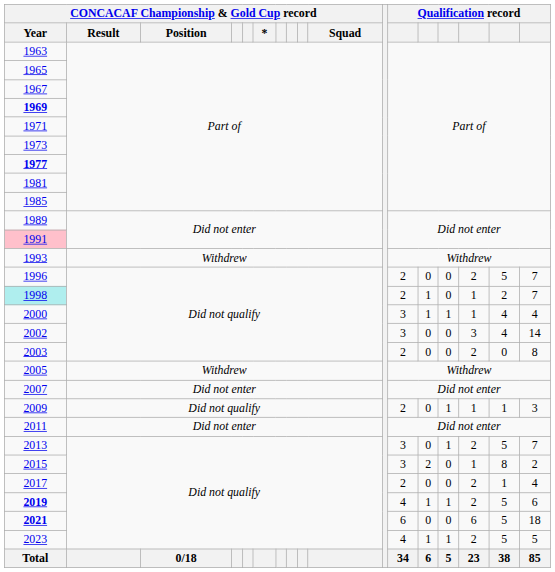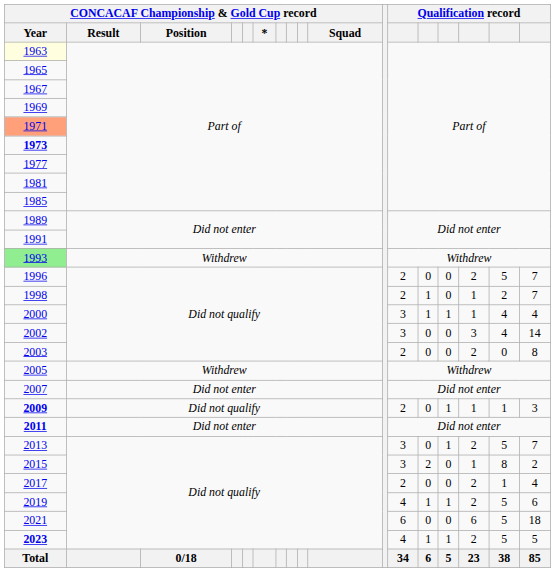 <table class="wikitable" style="text-align: center;">
 <tr>
 <th colspan=10><a href='#'>CONCACAF Championship</a> & <a href='#'>Gold Cup</a> record</th>
 <th width=1% rowspan=30></th>
 <th colspan=6><a href='#'>Qualification</a> record</th>
 </tr>
 <tr>
 <th>Year</th>
 <th>Result</th>
 <th>Position</th>
 <th></th>
 <th></th>
 <th>*</th>
 <th></th>
 <th></th>
 <th></th>
 <th>Squad</th>
 <th></th>
 <th></th>
 <th></th>
 <th></th>
 <th></th>
 <th></th>
 </tr>
 <tr>
-<td> <a href='#'>1963</a></td>
+<td style="background: lightyellow;"> <a href='#'>1963</a></td>
 <td colspan=9 rowspan=9><em>Part of </em></td>
 <td colspan=6 rowspan=9><em>Part of </em></td>
 </tr>
 <tr>
 <td> <a href='#'>1965</a></td>
 </tr>
 <tr>
 <td> <a href='#'>1967</a></td>
 </tr>
 <tr>
-<td><strong> <a href='#'>1969</a></strong></td>
+<td> <a href='#'>1969</a></td>
 </tr>
 <tr>
-<td> <a href='#'>1971</a></td>
+<td style="background: lightsalmon;"> <a href='#'>1971</a></td>
 </tr>
 <tr>
-<td> <a href='#'>1973</a></td>
+<td><strong> <a href='#'>1973</a></strong></td>
 </tr>
 <tr>
-<td><strong> <a href='#'>1977</a></strong></td>
+<td> <a href='#'>1977</a></td>
 </tr>
 <tr>
 <td> <a href='#'>1981</a></td>
 </tr>
 <tr>
 <td><a href='#'>1985</a></td>
 </tr>
 <tr>
 <td><a href='#'>1989</a></td>
 <td colspan=9 rowspan=2><em>Did not enter</em></td>
 <td colspan=6 rowspan=2><em>Did not enter</em></td>
 </tr>
 <tr>
-<td style="background: pink;"> <a href='#'>1991</a></td>
+<td> <a href='#'>1991</a></td>
 </tr>
 <tr>
-<td>  <a href='#'>1993</a></td>
+<td style="background: lightgreen;">  <a href='#'>1993</a></td>
 <td colspan=9><em>Withdrew</em></td>
 <td colspan=6><em>Withdrew</em></td>
 </tr>
 <tr>
 <td> <a href='#'>1996</a></td>
 <td colspan=9 rowspan=5><em>Did not qualify</em></td>
 <td>2</td>
 <td>0</td>
 <td>0</td>
 <td>2</td>
 <td>5</td>
 <td>7</td>
 </tr>
 <tr>
-<td style="background: paleturquoise;"> <a href='#'>1998</a></td>
+<td> <a href='#'>1998</a></td>
 <td>2</td>
 <td>1</td>
 <td>0</td>
 <td>1</td>
 <td>2</td>
 <td>7</td>
 </tr>
 <tr>
 <td> <a href='#'>2000</a></td>
 <td>3</td>
 <td>1</td>
 <td>1</td>
 <td>1</td>
 <td>4</td>
 <td>4</td>
 </tr>
 <tr>
 <td> <a href='#'>2002</a></td>
 <td>3</td>
 <td>0</td>
 <td>0</td>
 <td>3</td>
 <td>4</td>
 <td>14</td>
 </tr>
 <tr>
 <td>  <a href='#'>2003</a></td>
 <td>2</td>
 <td>0</td>
 <td>0</td>
 <td>2</td>
 <td>0</td>
 <td>8</td>
 </tr>
 <tr>
 <td> <a href='#'>2005</a></td>
 <td colspan=9><em>Withdrew</em></td>
 <td colspan=6><em>Withdrew</em></td>
 </tr>
 <tr>
 <td> <a href='#'>2007</a></td>
 <td colspan=9><em>Did not enter</em></td>
 <td colspan=6><em>Did not enter</em></td>
 </tr>
 <tr>
-<td> <a href='#'>2009</a></td>
+<td><strong> <a href='#'>2009</a></strong></td>
 <td colspan=9><em>Did not qualify</em></td>
 <td>2</td>
 <td>0</td>
 <td>1</td>
 <td>1</td>
 <td>1</td>
 <td>3</td>
 </tr>
 <tr>
-<td> <a href='#'>2011</a></td>
+<td><strong> <a href='#'>2011</a></strong></td>
 <td colspan=9><em>Did not enter</em></td>
 <td colspan=6><em>Did not enter</em></td>
 </tr>
 <tr>
 <td> <a href='#'>2013</a></td>
 <td colspan=9 rowspan=6><em>Did not qualify</em></td>
 <td>3</td>
 <td>0</td>
 <td>1</td>
 <td>2</td>
 <td>5</td>
 <td>7</td>
 </tr>
 <tr>
 <td>  <a href='#'>2015</a></td>
 <td>3</td>
 <td>2</td>
 <td>0</td>
 <td>1</td>
 <td>8</td>
 <td>2</td>
 </tr>
 <tr>
 <td> <a href='#'>2017</a></td>
 <td>2</td>
 <td>0</td>
 <td>0</td>
 <td>2</td>
 <td>1</td>
 <td>4</td>
 </tr>
 <tr>
-<td><strong>   <a href='#'>2019</a></strong></td>
+<td>   <a href='#'>2019</a></td>
 <td>4</td>
 <td>1</td>
 <td>1</td>
 <td>2</td>
 <td>5</td>
 <td>6</td>
 </tr>
 <tr>
-<td><strong> <a href='#'>2021</a></strong></td>
+<td> <a href='#'>2021</a></td>
 <td>6</td>
 <td>0</td>
 <td>0</td>
 <td>6</td>
 <td>5</td>
 <td>18</td>
 </tr>
 <tr>
-<td>  <a href='#'>2023</a></td>
+<td><strong>  <a href='#'>2023</a></strong></td>
 <td>4</td>
 <td>1</td>
 <td>1</td>
 <td>2</td>
 <td>5</td>
 <td>5</td>
 </tr>
 <tr>
 <th>Total</th>
 <th></th>
 <th>0/18</th>
 <th></th>
 <th></th>
 <th></th>
 <th></th>
 <th></th>
 <th></th>
 <th></th>
 <th>34</th>
 <th>6</th>
 <th>5</th>
 <th>23</th>
 <th>38</th>
 <th>85</th>
 </tr>
 </table>
